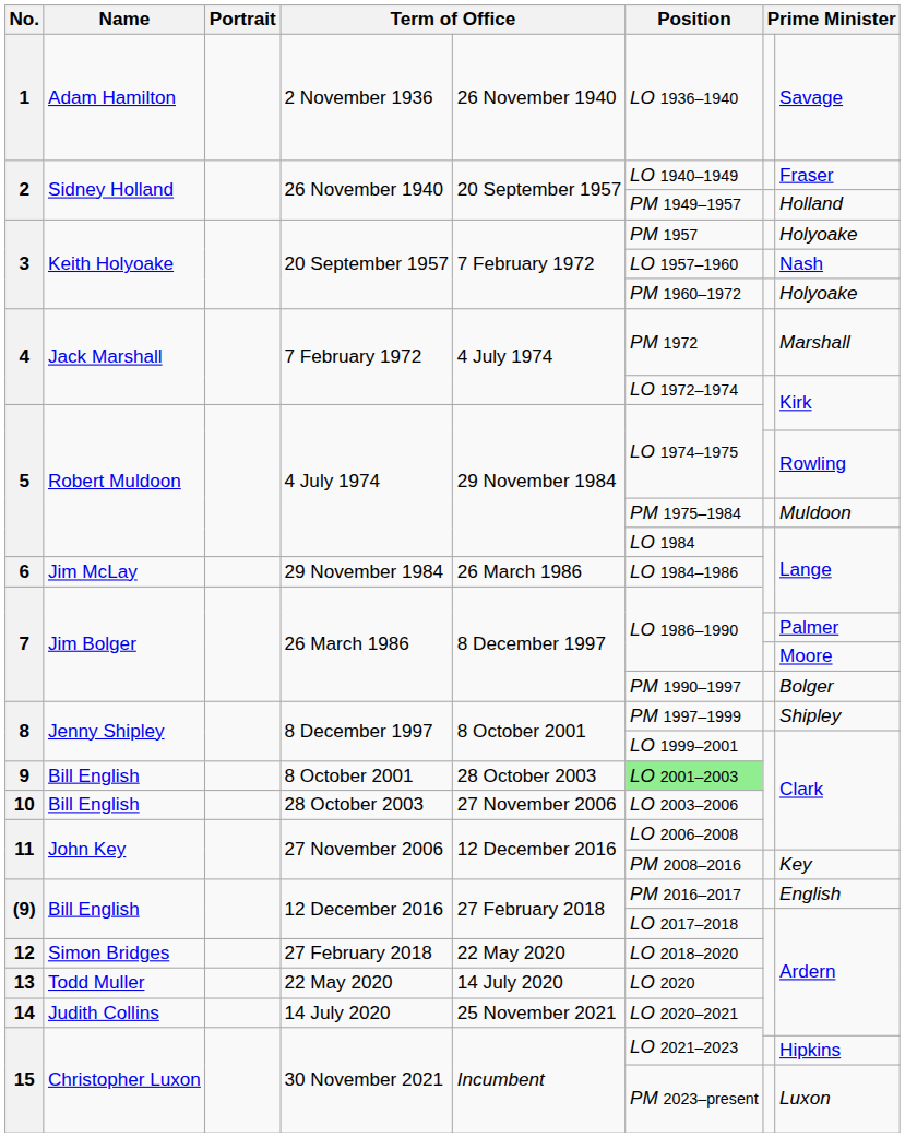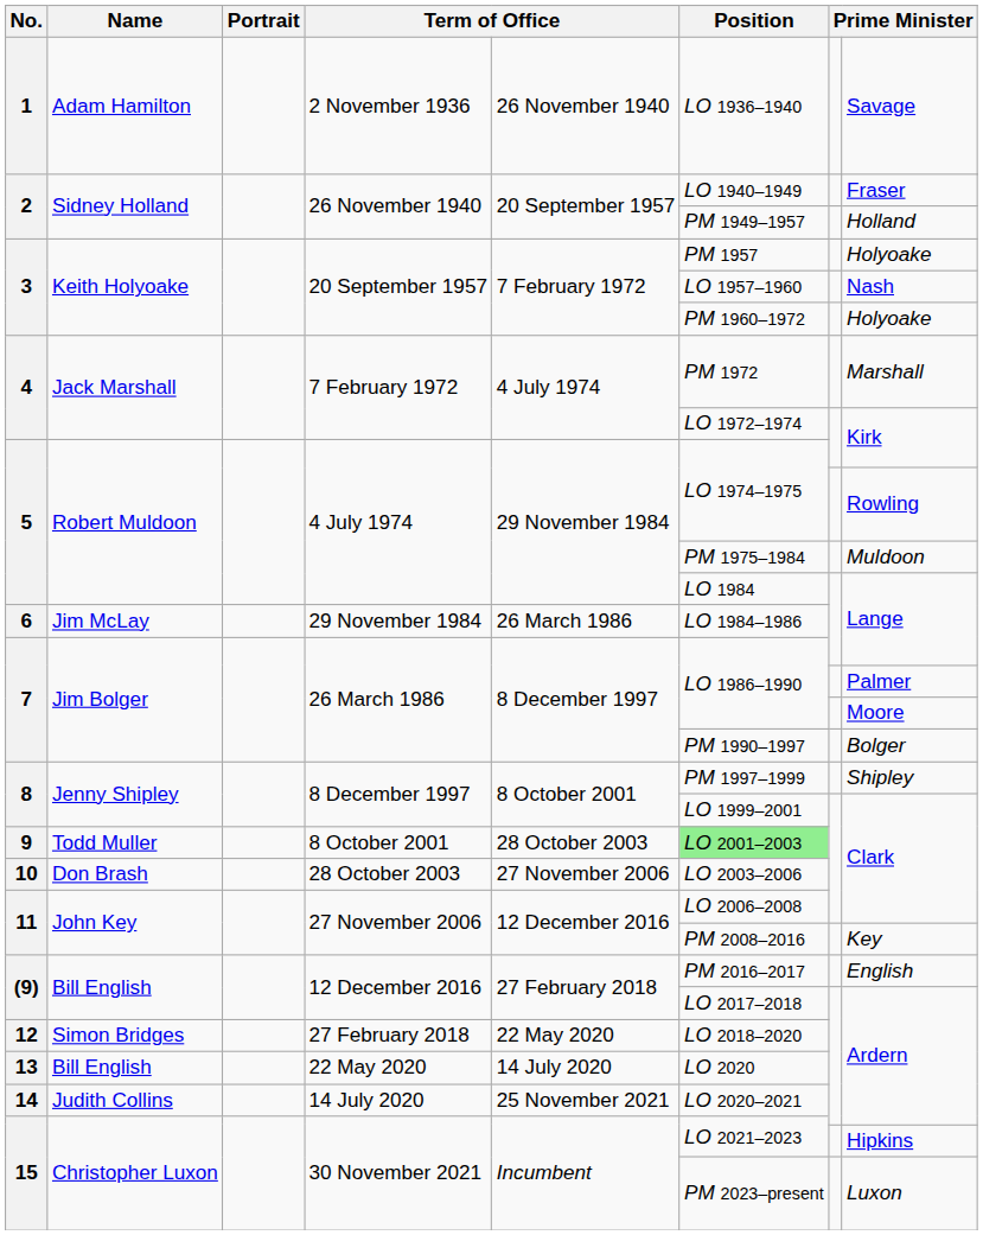 <table class="wikitable">
 <tr>
 <th>No.</th>
 <th>Name</th>
 <th>Portrait</th>
 <th colspan=2>Term of Office</th>
 <th>Position</th>
 <th colspan=2>Prime Minister</th>
 </tr>
 <tr>
 <th rowspan=2>1</th>
 <td rowspan=2><a href='#'>Adam Hamilton</a></td>
 <td rowspan=2></td>
 <td rowspan=2>2 November 1936</td>
 <td rowspan=2>26 November 1940</td>
 <td rowspan=2><em>LO</em> <small>1936–1940</small></td>
 <td height=100 style="background:"></td>
 <td><a href='#'>Savage</a></td>
 </tr>
 <tr>
 <td rowspan=2 style="background:"></td>
 <td rowspan=2><a href='#'>Fraser</a></td>
 </tr>
 <tr>
 <th rowspan=2>2</th>
 <td rowspan=2><a href='#'>Sidney Holland</a></td>
 <td rowspan=2></td>
 <td rowspan=2>26 November 1940</td>
 <td rowspan=2>20 September 1957</td>
 <td><em>LO</em> <small>1940–1949</small></td>
 </tr>
 <tr>
 <td><em>PM</em> <small>1949–1957</small></td>
 <td style="background:"></td>
 <td><em>Holland</em></td>
 </tr>
 <tr>
 <th rowspan=3>3</th>
 <td rowspan=3><a href='#'>Keith Holyoake</a></td>
 <td rowspan=3></td>
 <td rowspan=3>20 September 1957</td>
 <td rowspan=3>7 February 1972</td>
 <td><em>PM</em> <small>1957</small></td>
 <td style="background:"></td>
 <td><em>Holyoake</em></td>
 </tr>
 <tr>
 <td><em>LO</em> <small>1957–1960</small></td>
 <td style="background:"></td>
 <td><a href='#'>Nash</a></td>
 </tr>
 <tr>
 <td><em>PM</em> <small>1960–1972</small></td>
 <td style="background:"></td>
 <td><em>Holyoake</em></td>
 </tr>
 <tr>
 <th rowspan=2>4</th>
 <td rowspan=2><a href='#'>Jack Marshall</a></td>
 <td rowspan=2></td>
 <td rowspan=2>7 February 1972</td>
 <td rowspan=2>4 July 1974</td>
 <td><em>PM</em> <small>1972</small></td>
 <td height=50 style="background:"></td>
 <td><em>Marshall</em></td>
 </tr>
 <tr>
 <td><em>LO</em> <small>1972–1974</small></td>
 <td style="border-bottom:solid 0 grey; background:"></td>
 <td rowspan=2><a href='#'>Kirk</a></td>
 </tr>
 <tr>
 <th rowspan=4>5</th>
 <td rowspan=4><a href='#'>Robert Muldoon</a></td>
 <td rowspan=4></td>
 <td rowspan=4>4 July 1974</td>
 <td rowspan=4>29 November 1984</td>
 <td rowspan=2><em>LO</em> <small>1974–1975</small></td>
 <td height=15 style="border-top:solid 0 grey; background:"></td>
 </tr>
 <tr>
 <td height=50 style="background:"></td>
 <td><a href='#'>Rowling</a></td>
 </tr>
 <tr>
 <td><em>PM</em> <small>1975–1984</small></td>
 <td style="background:"></td>
 <td><em>Muldoon</em></td>
 </tr>
 <tr>
 <td><em>LO</em> <small>1984</small></td>
 <td rowspan=2 style="border-bottom:solid 0 gray; background:"></td>
 <td rowspan=3><a href='#'>Lange</a></td>
 </tr>
 <tr>
 <th>6</th>
 <td><a href='#'>Jim McLay</a></td>
 <td></td>
 <td>29 November 1984</td>
 <td>26 March 1986</td>
 <td><em>LO</em> <small>1984–1986</small></td>
 </tr>
 <tr>
 <th rowspan=4>7</th>
 <td rowspan=4><a href='#'>Jim Bolger</a></td>
 <td rowspan=4></td>
 <td rowspan=4>26 March 1986</td>
 <td rowspan=4>8 December 1997</td>
 <td rowspan=3><em>LO</em> <small>1986–1990</small></td>
 <td height=15 style="border-top:solid 0 gray; background:"></td>
 </tr>
 <tr>
 <td style="background:"></td>
 <td><a href='#'>Palmer</a></td>
 </tr>
 <tr>
 <td style="background:"></td>
 <td><a href='#'>Moore</a></td>
 </tr>
 <tr>
 <td><em>PM</em> <small>1990–1997</small></td>
 <td style="background:"></td>
 <td><em>Bolger</em></td>
 </tr>
 <tr>
 <th rowspan=2>8</th>
 <td rowspan=2><a href='#'>Jenny Shipley</a></td>
 <td rowspan=2></td>
 <td rowspan=2>8 December 1997</td>
 <td rowspan=2>8 October 2001</td>
 <td><em>PM</em> <small>1997–1999</small></td>
 <td style="background:"></td>
 <td><em>Shipley</em></td>
 </tr>
 <tr>
 <td><em>LO</em> <small>1999–2001</small></td>
 <td rowspan=4 style="background:"></td>
 <td rowspan=4><a href='#'>Clark</a></td>
 </tr>
 <tr>
 <th>9</th>
-<td><a href='#'>Bill English</a></td>
+<td><a href='#'>Todd Muller</a></td>
 <td></td>
 <td>8 October 2001</td>
 <td>28 October 2003</td>
 <td style="background: lightgreen;"><em>LO</em> <small>2001–2003</small></td>
 </tr>
 <tr>
 <th>10</th>
-<td><a href='#'>Bill English</a></td>
+<td><a href='#'>Don Brash</a></td>
 <td></td>
 <td>28 October 2003</td>
 <td>27 November 2006</td>
 <td><em>LO</em> <small>2003–2006</small></td>
 </tr>
 <tr>
 <th rowspan=2>11</th>
 <td rowspan=2><a href='#'>John Key</a></td>
 <td rowspan=2></td>
 <td rowspan=2>27 November 2006</td>
 <td rowspan=2>12 December 2016</td>
 <td><em>LO</em> <small>2006–2008</small></td>
 </tr>
 <tr>
 <td><em>PM</em> <small>2008–2016</small></td>
 <td style="background:"></td>
 <td><em>Key</em></td>
 </tr>
 <tr>
 <th rowspan=2>(9)</th>
 <td rowspan=2><a href='#'>Bill English</a></td>
 <td rowspan=2></td>
 <td rowspan=2>12 December 2016</td>
 <td rowspan=2>27 February 2018</td>
 <td><em>PM</em> <small>2016–2017</small></td>
 <td style="background:"></td>
 <td><em>English</em></td>
 </tr>
 <tr>
 <td><em>LO</em> <small>2017–2018</small></td>
 <td rowspan=4 style="border-bottom:solid 0 gray; background:"></td>
 <td rowspan=5><a href='#'>Ardern</a></td>
 </tr>
 <tr>
 <th>12</th>
 <td><a href='#'>Simon Bridges</a></td>
 <td></td>
 <td>27 February 2018</td>
 <td>22 May 2020</td>
 <td><em>LO</em> <small>2018–2020</small></td>
 </tr>
 <tr>
 <th>13</th>
-<td><a href='#'>Todd Muller</a></td>
+<td><a href='#'>Bill English</a></td>
 <td></td>
 <td>22 May 2020</td>
 <td>14 July 2020</td>
 <td><em>LO</em> <small>2020</small></td>
 </tr>
 <tr>
 <th>14</th>
 <td><a href='#'>Judith Collins</a></td>
 <td></td>
 <td>14 July 2020</td>
 <td>25 November 2021</td>
 <td><em>LO</em> <small>2020–2021</small></td>
 </tr>
 <tr>
 <th rowspan=3>15</th>
 <td rowspan=3><a href='#'>Christopher Luxon</a></td>
 <td rowspan=3></td>
 <td rowspan=3>30 November 2021</td>
 <td rowspan=3><em>Incumbent</em></td>
 <td rowspan=2><em>LO</em> <small>2021–2023</small></td>
 <td style="border-top:solid 0 gray; background:"></td>
 </tr>
 <tr>
 <td height=15 style="background:"></td>
 <td><a href='#'>Hipkins</a></td>
 </tr>
 <tr>
 <td><em>PM</em> <small>2023–present</small></td>
 <td height=50 style="background:"></td>
 <td><em>Luxon</em></td>
 </tr>
 </table>
